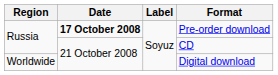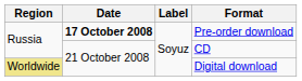 <table class="wikitable">
 <tr>
 <th>Region</th>
 <th>Date</th>
 <th>Label</th>
 <th>Format</th>
 </tr>
 <tr>
 <td rowspan="2">Russia</td>
 <td><strong>17 October 2008 </strong></td>
 <td rowspan="3">Soyuz</td>
 <td><a href='#'>Pre-order download</a></td>
 </tr>
 <tr>
 <td rowspan="2">21 October 2008</td>
 <td><a href='#'>CD</a></td>
 </tr>
 <tr>
-<td>Worldwide</td>
+<td style="background: khaki;">Worldwide</td>
 <td><a href='#'>Digital download</a></td>
 </tr>
 </table>
